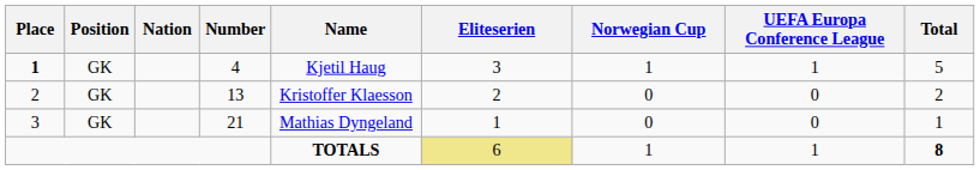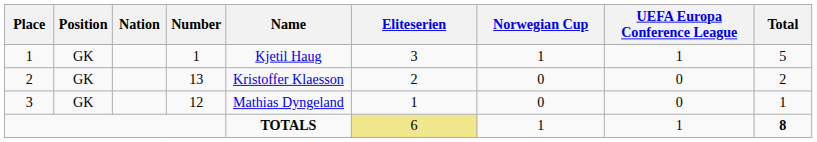 <table class="wikitable" style="font-size: 95%; text-align: center;">
 <tr>
 <th width=60>Place</th>
 <th width=60>Position</th>
 <th width=60>Nation</th>
 <th width=60>Number</th>
 <th width=200>Name</th>
 <th width=200><a href='#'>Eliteserien</a></th>
 <th width=200><a href='#'>Norwegian Cup</a></th>
 <th width=250><a href='#'>UEFA Europa Conference League</a></th>
 <th width=80><strong>Total</strong></th>
 </tr>
 <tr>
-<td><strong>1</strong></td>
+<td>1</td>
 <td>GK</td>
 <td></td>
-<td>4</td>
+<td>1</td>
 <td><a href='#'>Kjetil Haug</a></td>
 <td>3</td>
 <td>1</td>
 <td>1</td>
 <td>5</td>
 </tr>
 <tr>
 <td>2</td>
 <td>GK</td>
 <td></td>
 <td>13</td>
 <td><a href='#'>Kristoffer Klaesson</a></td>
 <td>2</td>
 <td>0</td>
 <td>0</td>
 <td>2</td>
 </tr>
 <tr>
 <td>3</td>
 <td>GK</td>
 <td></td>
-<td>21</td>
+<td>12</td>
 <td><a href='#'>Mathias Dyngeland</a></td>
 <td>1</td>
 <td>0</td>
 <td>0</td>
 <td>1</td>
 </tr>
 <tr>
 <td colspan="4"></td>
 <td><strong>TOTALS</strong></td>
 <td style="background: khaki;">6</td>
 <td>1</td>
 <td>1</td>
 <td><strong>8</strong></td>
 </tr>
 </table>
